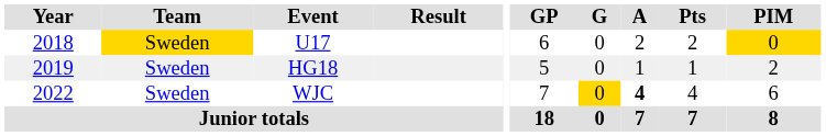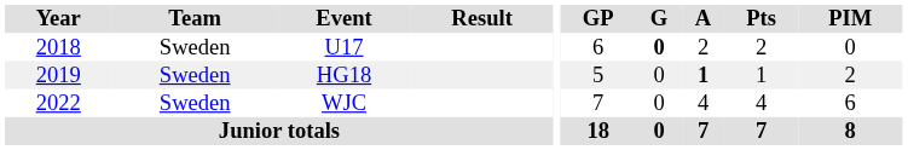 <table border="0" cellpadding="1" cellspacing="0" ID="Table3" style="text-align:center; width:40em">
 <tr bgcolor="#e0e0e0">
 <th>Year</th>
 <th>Team</th>
 <th>Event</th>
 <th>Result</th>
 <th rowspan="102" bgcolor="#ffffff"></th>
 <th>GP</th>
 <th>G</th>
 <th>A</th>
 <th>Pts</th>
 <th>PIM</th>
 </tr>
 <tr>
 <td><a href='#'>2018</a></td>
-<td style="background: gold;">Sweden</td>
+<td>Sweden</td>
 <td><a href='#'>U17</a></td>
 <td></td>
 <td>6</td>
-<td>0</td>
+<td><strong>0</strong></td>
 <td>2</td>
 <td>2</td>
-<td style="background: gold;">0</td>
+<td>0</td>
 </tr>
 <tr bgcolor="#f0f0f0">
 <td><a href='#'>2019</a></td>
 <td><a href='#'>Sweden</a></td>
 <td><a href='#'>HG18</a></td>
 <td></td>
 <td>5</td>
 <td>0</td>
-<td>1</td>
+<td><strong>1</strong></td>
 <td>1</td>
 <td>2</td>
 </tr>
 <tr>
 <td><a href='#'>2022</a></td>
 <td><a href='#'>Sweden</a></td>
 <td><a href='#'>WJC</a></td>
 <td></td>
 <td>7</td>
-<td style="background: gold;">0</td>
-<td><strong>4</strong></td>
+<td>0</td>
+<td>4</td>
 <td>4</td>
 <td>6</td>
 </tr>
 <tr bgcolor="#e0e0e0">
 <th colspan="4">Junior totals</th>
 <th>18</th>
 <th>0</th>
 <th>7</th>
 <th>7</th>
 <th>8</th>
 </tr>
 </table>
